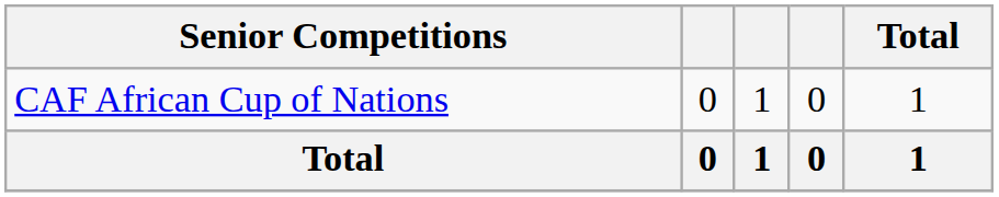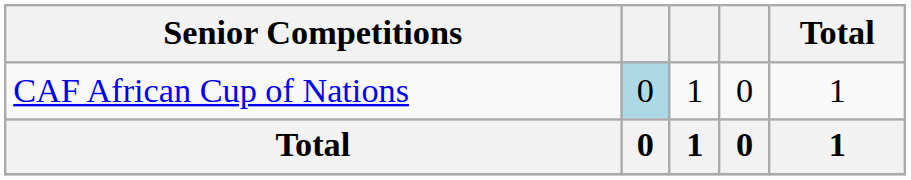 <table class="wikitable" style="width:30%; font-size:90%; text-align:center">
 <tr>
 <th>Senior Competitions</th>
 <th></th>
 <th></th>
 <th></th>
 <th>Total</th>
 </tr>
 <tr>
 <td align=left><a href='#'>CAF African Cup of Nations</a></td>
-<td>0</td>
+<td style="background: lightblue;">0</td>
 <td>1</td>
 <td>0</td>
 <td>1</td>
 </tr>
 <tr>
 <th>Total</th>
 <th>0</th>
 <th>1</th>
 <th>0</th>
 <th>1</th>
 </tr>
 <tr>
 </tr>
 </table>
